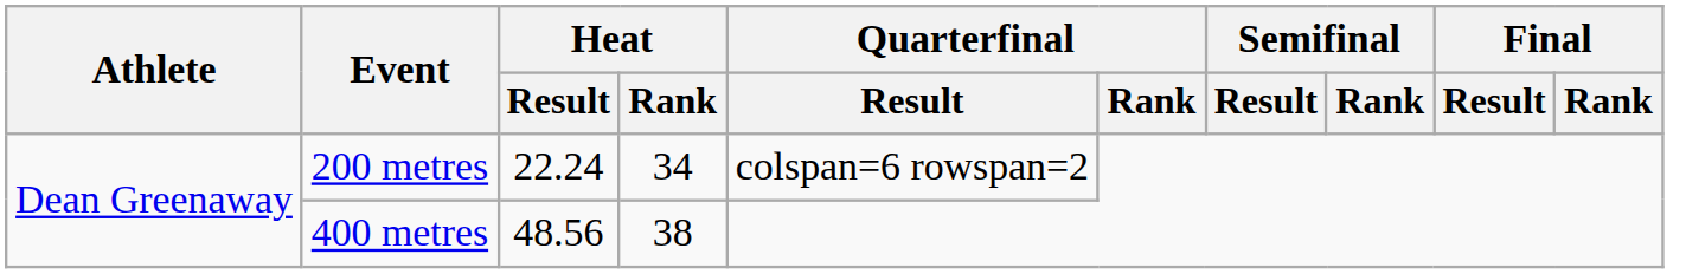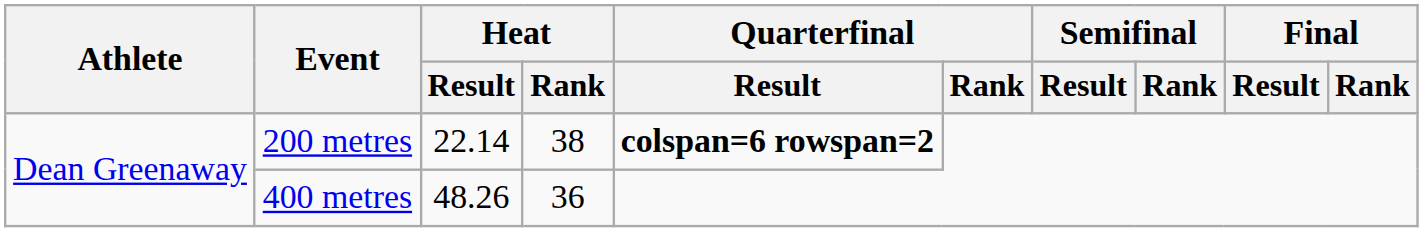 <table class=wikitable style=font-size:90%>
 <tr>
 <th rowspan=2>Athlete</th>
 <th rowspan=2>Event</th>
 <th colspan=2>Heat</th>
 <th colspan=2>Quarterfinal</th>
 <th colspan=2>Semifinal</th>
 <th colspan=2>Final</th>
 </tr>
 <tr style=font-size:95%>
 <th>Result</th>
 <th>Rank</th>
 <th>Result</th>
 <th>Rank</th>
 <th>Result</th>
 <th>Rank</th>
 <th>Result</th>
 <th>Rank</th>
 </tr>
 <tr align=center>
 <td align=left rowspan=2><a href='#'>Dean Greenaway</a></td>
 <td align=left><a href='#'>200 metres</a></td>
-<td>22.24</td>
-<td>34</td>
-<td>colspan=6 rowspan=2 </td>
+<td>22.14</td>
+<td>38</td>
+<td><strong>colspan=6 rowspan=2 </strong></td>
 </tr>
 <tr align=center>
 <td align=left><a href='#'>400 metres</a></td>
-<td>48.56</td>
-<td>38</td>
+<td>48.26</td>
+<td>36</td>
 </tr>
 </table>
